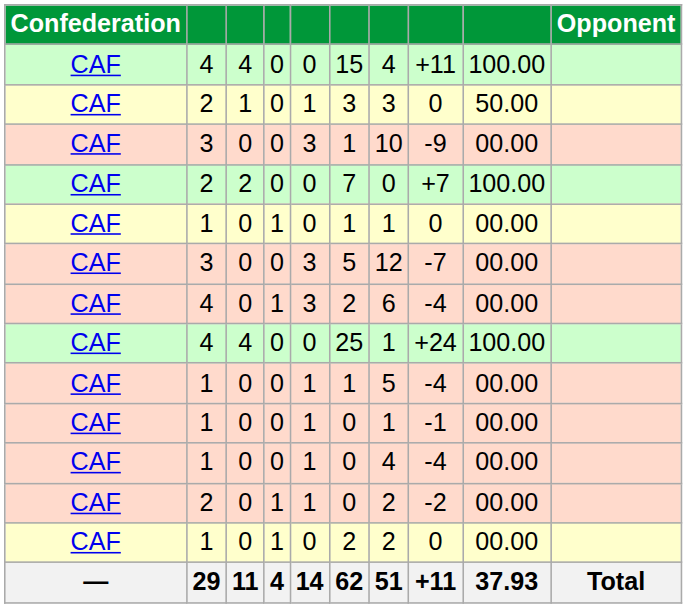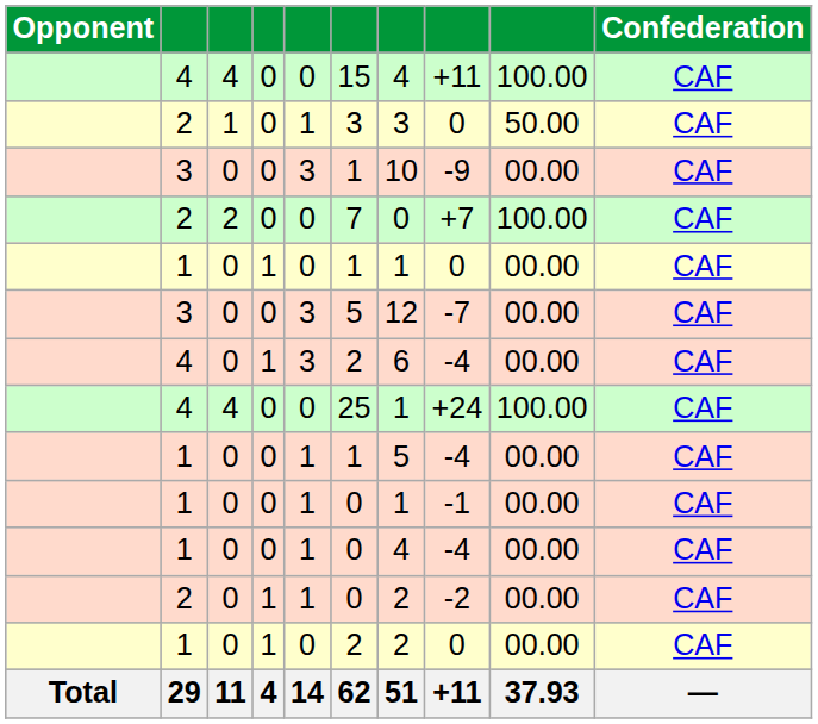 <table class="wikitable sortable" style="text-align:center;">
 <tr style="color:white">
-<th style="background-color:#009739;color:white">Confederation</th>
+<th style="background-color:#009739;white">Opponent</th>
 <th style="background-color:#009739;"></th>
 <th style="background-color:#009739;"></th>
 <th style="background-color:#009739;"></th>
 <th style="background-color:#009739;"></th>
 <th style="background-color:#009739;"></th>
 <th style="background-color:#009739;"></th>
 <th style="background-color:#009739;"></th>
 <th style="background-color:#009739;"></th>
-<th style="background-color:#009739;white">Opponent</th>
+<th style="background-color:#009739;color:white">Confederation</th>
 </tr>
 <tr bgcolor=CCFFCC>
-<td><a href='#'>CAF</a></td>
+<td style="text-align:left;"></td>
 <td>4</td>
 <td>4</td>
 <td>0</td>
 <td>0</td>
 <td>15</td>
 <td>4</td>
 <td>+11</td>
 <td>100.00</td>
-<td style="text-align:left;"></td>
+<td><a href='#'>CAF</a></td>
 </tr>
 <tr bgcolor=FFFFCC>
-<td><a href='#'>CAF</a></td>
+<td style="text-align:left;"></td>
 <td>2</td>
 <td>1</td>
 <td>0</td>
 <td>1</td>
 <td>3</td>
 <td>3</td>
 <td>0</td>
 <td>50.00</td>
-<td style="text-align:left;"></td>
+<td><a href='#'>CAF</a></td>
 </tr>
 <tr bgcolor=FFDACC>
-<td><a href='#'>CAF</a></td>
+<td style="text-align:left;"></td>
 <td>3</td>
 <td>0</td>
 <td>0</td>
 <td>3</td>
 <td>1</td>
 <td>10</td>
 <td>-9</td>
 <td>00.00</td>
-<td style="text-align:left;"></td>
+<td><a href='#'>CAF</a></td>
 </tr>
 <tr bgcolor=CCFFCC>
-<td><a href='#'>CAF</a></td>
+<td style="text-align:left;"></td>
 <td>2</td>
 <td>2</td>
 <td>0</td>
 <td>0</td>
 <td>7</td>
 <td>0</td>
 <td>+7</td>
 <td>100.00</td>
-<td style="text-align:left;"></td>
+<td><a href='#'>CAF</a></td>
 </tr>
 <tr bgcolor=FFFFCC>
-<td><a href='#'>CAF</a></td>
+<td style="text-align:left;"></td>
 <td>1</td>
 <td>0</td>
 <td>1</td>
 <td>0</td>
 <td>1</td>
 <td>1</td>
 <td>0</td>
 <td>00.00</td>
-<td style="text-align:left;"></td>
+<td><a href='#'>CAF</a></td>
 </tr>
 <tr bgcolor=FFDACC>
-<td><a href='#'>CAF</a></td>
+<td style="text-align:left;"></td>
 <td>3</td>
 <td>0</td>
 <td>0</td>
 <td>3</td>
 <td>5</td>
 <td>12</td>
 <td>-7</td>
 <td>00.00</td>
-<td style="text-align:left;"></td>
+<td><a href='#'>CAF</a></td>
 </tr>
 <tr bgcolor=FFDACC>
-<td><a href='#'>CAF</a></td>
+<td style="text-align:left;"></td>
 <td>4</td>
 <td>0</td>
 <td>1</td>
 <td>3</td>
 <td>2</td>
 <td>6</td>
 <td>-4</td>
 <td>00.00</td>
-<td style="text-align:left;"></td>
+<td><a href='#'>CAF</a></td>
 </tr>
 <tr bgcolor=CCFFCC>
-<td><a href='#'>CAF</a></td>
+<td style="text-align:left;"></td>
 <td>4</td>
 <td>4</td>
 <td>0</td>
 <td>0</td>
 <td>25</td>
 <td>1</td>
 <td>+24</td>
 <td>100.00</td>
-<td style="text-align:left;"></td>
+<td><a href='#'>CAF</a></td>
 </tr>
 <tr bgcolor=FFDACC>
-<td><a href='#'>CAF</a></td>
+<td style="text-align:left;"></td>
 <td>1</td>
 <td>0</td>
 <td>0</td>
 <td>1</td>
 <td>1</td>
 <td>5</td>
 <td>-4</td>
 <td>00.00</td>
-<td style="text-align:left;"></td>
+<td><a href='#'>CAF</a></td>
 </tr>
 <tr bgcolor=FFDACC>
-<td><a href='#'>CAF</a></td>
+<td style="text-align:left;"></td>
 <td>1</td>
 <td>0</td>
 <td>0</td>
 <td>1</td>
 <td>0</td>
 <td>1</td>
 <td>-1</td>
 <td>00.00</td>
-<td style="text-align:left;"></td>
+<td><a href='#'>CAF</a></td>
 </tr>
 <tr bgcolor=FFDACC>
-<td><a href='#'>CAF</a></td>
+<td style="text-align:left;"></td>
 <td>1</td>
 <td>0</td>
 <td>0</td>
 <td>1</td>
 <td>0</td>
 <td>4</td>
 <td>-4</td>
 <td>00.00</td>
-<td style="text-align:left;"></td>
+<td><a href='#'>CAF</a></td>
 </tr>
 <tr bgcolor=FFDACC>
-<td><a href='#'>CAF</a></td>
+<td style="text-align:left;"></td>
 <td>2</td>
 <td>0</td>
 <td>1</td>
 <td>1</td>
 <td>0</td>
 <td>2</td>
 <td>-2</td>
 <td>00.00</td>
-<td style="text-align:left;"></td>
+<td><a href='#'>CAF</a></td>
 </tr>
 <tr bgcolor=FFFFCC>
-<td><a href='#'>CAF</a></td>
+<td style="text-align:left;"></td>
 <td>1</td>
 <td>0</td>
 <td>1</td>
 <td>0</td>
 <td>2</td>
 <td>2</td>
 <td>0</td>
 <td>00.00</td>
-<td style="text-align:left;"></td>
+<td><a href='#'>CAF</a></td>
 </tr>
 <tr>
-<th>—</th>
+<th>Total</th>
 <th>29</th>
 <th>11</th>
 <th>4</th>
 <th>14</th>
 <th>62</th>
 <th>51</th>
 <th>+11</th>
 <th>37.93</th>
-<th>Total</th>
+<th>—</th>
 </tr>
 </table>
